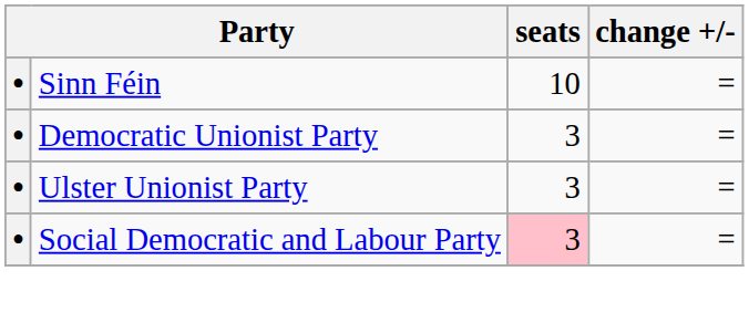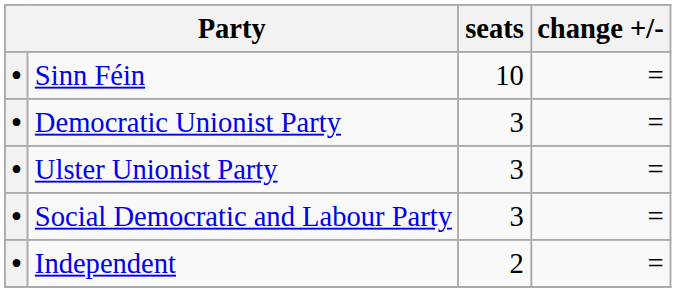 <table class="wikitable" style="font-size: 95%;">
 <tr>
 <th colspan=2>Party</th>
 <th>seats</th>
 <th>change +/-</th>
 </tr>
 <tr>
 <th style="background-color: "><span>•</span></th>
 <td><a href='#'>Sinn Féin</a></td>
 <td align="right">10</td>
 <td align="right">=</td>
 </tr>
 <tr>
 <th style="background-color: "><span>•</span></th>
 <td><a href='#'>Democratic Unionist Party</a></td>
 <td align="right">3</td>
 <td align="right">=</td>
 </tr>
 <tr>
 <th style="background-color: "><span>•</span></th>
 <td><a href='#'>Ulster Unionist Party</a></td>
 <td align="right">3</td>
 <td align="right">=</td>
 </tr>
 <tr>
 <th style="background-color: "><span>•</span></th>
 <td><a href='#'>Social Democratic and Labour Party</a></td>
-<td align="right" style="background: pink;">3</td>
+<td align="right">3</td>
+<td align="right">=</td>
+</tr>
+<tr>
+<th style="background-color: "><span>•</span></th>
+<td><a href='#'>Independent</a></td>
+<td align="right">2</td>
 <td align="right">=</td>
 </tr>
 <tr>
 </tr>
 </table>
